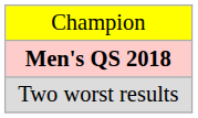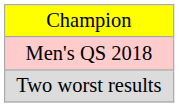 <table class="wikitable" width="15%" style="text-align: center;">
 <tr>
 <td bgcolor="yellow">Champion</td>
 </tr>
 <tr>
-<td bgcolor="FFCCCC"><strong>Men's QS 2018</strong></td>
+<td bgcolor="FFCCCC">Men's QS 2018</td>
 </tr>
 <tr>
 <td bgcolor="#dcdcdc">Two worst results</td>
 </tr>
 </table>
